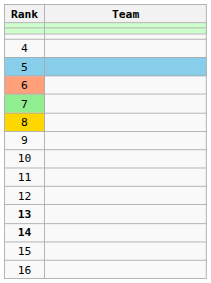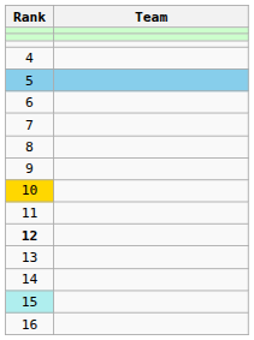 <table class="wikitable" style="text-align: center;">
 <tr>
 <th width=40>Rank</th>
 <th width=180>Team</th>
 </tr>
 <tr bgcolor=#ccffcc>
 <td></td>
 <td align=left></td>
 </tr>
 <tr bgcolor=#ccffcc>
 <td></td>
 <td align=left></td>
 </tr>
 <tr>
 <td></td>
 <td align=left></td>
 </tr>
 <tr>
 <td>4</td>
 <td align=left></td>
 </tr>
 <tr bgcolor=skyblue>
 <td>5</td>
 <td align=left></td>
 </tr>
 <tr>
-<td style="background: lightsalmon;">6</td>
+<td>6</td>
 <td align=left></td>
 </tr>
 <tr>
-<td style="background: lightgreen;">7</td>
+<td>7</td>
 <td align=left></td>
 </tr>
 <tr>
-<td style="background: gold;">8</td>
+<td>8</td>
 <td align=left></td>
 </tr>
 <tr>
 <td>9</td>
 <td align=left></td>
 </tr>
 <tr>
-<td>10</td>
+<td style="background: gold;">10</td>
 <td align=left></td>
 </tr>
 <tr>
 <td>11</td>
 <td align=left></td>
 </tr>
 <tr>
-<td>12</td>
+<td><strong>12</strong></td>
 <td align=left></td>
 </tr>
 <tr>
-<td><strong>13</strong></td>
+<td>13</td>
 <td align=left></td>
 </tr>
 <tr>
-<td><strong>14</strong></td>
+<td>14</td>
 <td align=left></td>
 </tr>
 <tr>
-<td>15</td>
+<td style="background: paleturquoise;">15</td>
 <td align=left></td>
 </tr>
 <tr>
 <td>16</td>
 <td align=left></td>
 </tr>
 </table>
